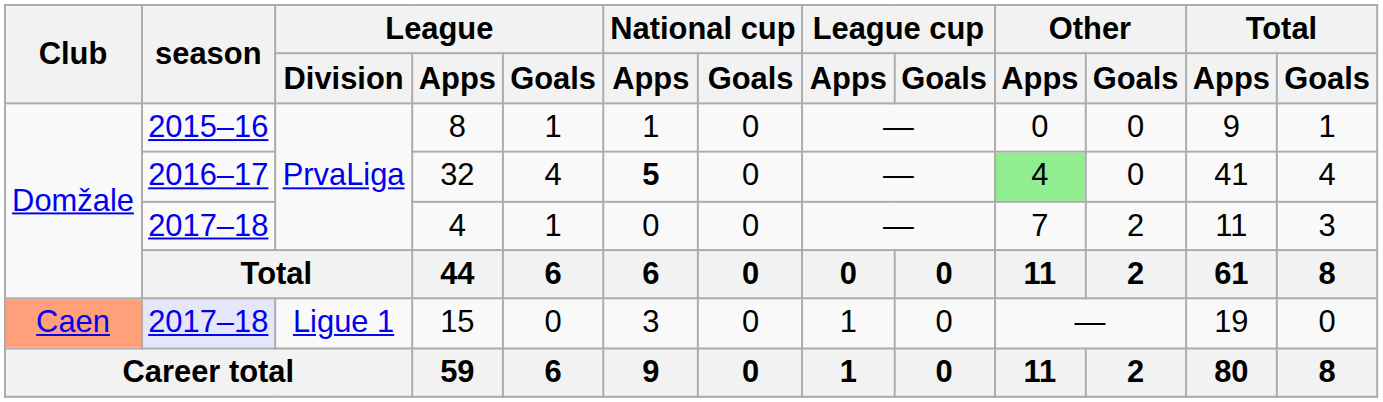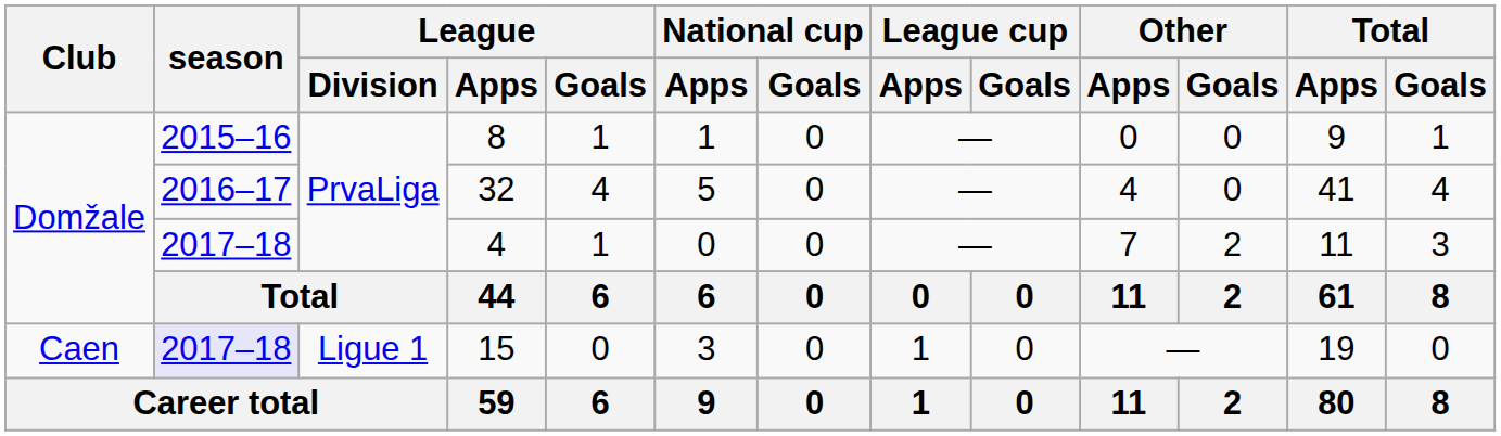 <table class="wikitable" style="text-align:center">
 <tr>
 <th rowspan=2>Club</th>
 <th rowspan=2>season</th>
 <th colspan="3">League</th>
 <th colspan=2>National cup</th>
 <th colspan=2>League cup</th>
 <th colspan=2>Other</th>
 <th colspan=2>Total</th>
 </tr>
 <tr>
 <th>Division</th>
 <th>Apps</th>
 <th>Goals</th>
 <th>Apps</th>
 <th>Goals</th>
 <th>Apps</th>
 <th>Goals</th>
 <th>Apps</th>
 <th>Goals</th>
 <th>Apps</th>
 <th>Goals</th>
 </tr>
 <tr>
 <td rowspan=4><a href='#'>Domžale</a></td>
 <td><a href='#'>2015–16</a></td>
 <td rowspan=3><a href='#'>PrvaLiga</a></td>
 <td>8</td>
 <td>1</td>
 <td>1</td>
 <td>0</td>
 <td colspan=2>—</td>
 <td>0</td>
 <td>0</td>
 <td>9</td>
 <td>1</td>
 </tr>
 <tr>
 <td><a href='#'>2016–17</a></td>
 <td>32</td>
 <td>4</td>
-<td><strong>5</strong></td>
+<td>5</td>
 <td>0</td>
 <td colspan=2>—</td>
-<td style="background: lightgreen;">4</td>
+<td>4</td>
 <td>0</td>
 <td>41</td>
 <td>4</td>
 </tr>
 <tr>
 <td><a href='#'>2017–18</a></td>
 <td>4</td>
 <td>1</td>
 <td>0</td>
 <td>0</td>
 <td colspan=2>—</td>
 <td>7</td>
 <td>2</td>
 <td>11</td>
 <td>3</td>
 </tr>
 <tr>
 <th colspan=2>Total</th>
 <th>44</th>
 <th>6</th>
 <th>6</th>
 <th>0</th>
 <th>0</th>
 <th>0</th>
 <th>11</th>
 <th>2</th>
 <th>61</th>
 <th>8</th>
 </tr>
 <tr>
-<td style="background: lightsalmon;"><a href='#'>Caen</a></td>
+<td><a href='#'>Caen</a></td>
 <td style="background: lavender;"><a href='#'>2017–18</a></td>
 <td><a href='#'>Ligue 1</a></td>
 <td>15</td>
 <td>0</td>
 <td>3</td>
 <td>0</td>
 <td>1</td>
 <td>0</td>
 <td colspan=2>—</td>
 <td>19</td>
 <td>0</td>
 </tr>
 <tr>
 <th colspan=3>Career total</th>
 <th>59</th>
 <th>6</th>
 <th>9</th>
 <th>0</th>
 <th>1</th>
 <th>0</th>
 <th>11</th>
 <th>2</th>
 <th>80</th>
 <th>8</th>
 </tr>
 </table>
